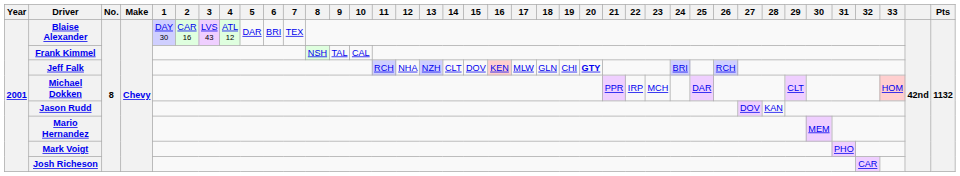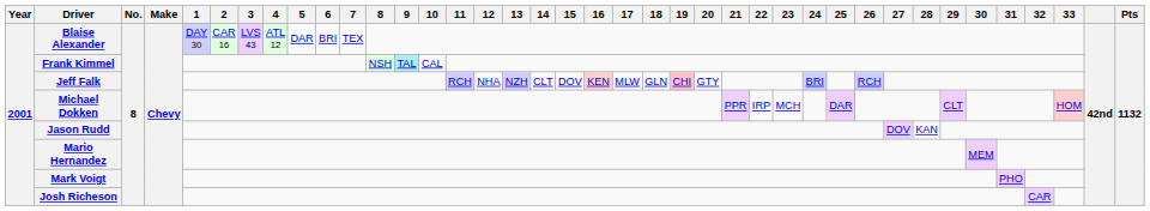 <table class="wikitable" style="text-align:center; font-size:75%">
 <tr>
 <th>Year</th>
 <th>Driver</th>
 <th>No.</th>
 <th>Make</th>
 <th>1</th>
 <th>2</th>
 <th>3</th>
 <th>4</th>
 <th>5</th>
 <th>6</th>
 <th>7</th>
 <th>8</th>
 <th>9</th>
 <th>10</th>
 <th>11</th>
 <th>12</th>
 <th>13</th>
 <th>14</th>
 <th>15</th>
 <th>16</th>
 <th>17</th>
 <th>18</th>
 <th>19</th>
 <th>20</th>
 <th>21</th>
 <th>22</th>
 <th>23</th>
 <th>24</th>
 <th>25</th>
 <th>26</th>
 <th>27</th>
 <th>28</th>
 <th>29</th>
 <th>30</th>
 <th>31</th>
 <th>32</th>
 <th>33</th>
 <th></th>
 <th>Pts</th>
 </tr>
 <tr>
 <th rowspan=8><a href='#'>2001</a></th>
 <th><a href='#'>Blaise Alexander</a></th>
 <th rowspan=8>8</th>
 <th rowspan=8><a href='#'>Chevy</a></th>
 <td style="background:#CFCFFF;"><a href='#'>DAY</a><br><small>30</small></td>
 <td style="background:#DFFFDF;"><a href='#'>CAR</a><br><small>16</small></td>
 <td style="background:#EFCFFF;"><a href='#'>LVS</a><br><small>43</small></td>
 <td style="background:#DFFFDF;"><a href='#'>ATL</a><br><small>12</small></td>
 <td><a href='#'>DAR</a></td>
 <td><a href='#'>BRI</a></td>
 <td><a href='#'>TEX</a></td>
 <td colspan=26></td>
 <th rowspan=8>42nd</th>
 <th rowspan=8>1132</th>
 </tr>
 <tr>
 <th><a href='#'>Frank Kimmel</a></th>
 <td colspan=7></td>
 <td style="background:#DFFFDF;"><a href='#'>NSH</a><br></td>
-<td><a href='#'>TAL</a></td>
+<td style="background: paleturquoise;"><a href='#'>TAL</a></td>
 <td><a href='#'>CAL</a></td>
 <td colspan=23></td>
 </tr>
 <tr>
 <th><a href='#'>Jeff Falk</a></th>
 <td colspan=10></td>
 <td style="background:#CFCFFF;"><a href='#'>RCH</a><br></td>
 <td><a href='#'>NHA</a></td>
 <td style="background:#CFCFFF;"><a href='#'>NZH</a><br></td>
 <td><a href='#'>CLT</a></td>
 <td><a href='#'>DOV</a></td>
 <td style="background:#FFCFCF;"><a href='#'>KEN</a><br></td>
 <td><a href='#'>MLW</a></td>
 <td><a href='#'>GLN</a></td>
-<td><a href='#'>CHI</a></td>
-<td><strong><a href='#'>GTY</a></strong></td>
+<td style="background: pink;"><a href='#'>CHI</a></td>
+<td><a href='#'>GTY</a></td>
 <td colspan=3></td>
 <td style="background:#CFCFFF;"><a href='#'>BRI</a><br></td>
 <td></td>
 <td style="background:#CFCFFF;"><a href='#'>RCH</a><br></td>
 <td colspan=7></td>
 </tr>
 <tr>
 <th><a href='#'>Michael Dokken</a></th>
 <td colspan=20></td>
 <td style="background:#EFCFFF;"><a href='#'>PPR</a><br></td>
 <td><a href='#'>IRP</a></td>
 <td><a href='#'>MCH</a></td>
 <td></td>
 <td style="background:#EFCFFF;"><a href='#'>DAR</a><br></td>
 <td colspan=3></td>
 <td style="background:#EFCFFF;"><a href='#'>CLT</a><br></td>
 <td colspan=3></td>
 <td style="background:#FFCFCF;"><a href='#'>HOM</a><br></td>
 </tr>
 <tr>
 <th><a href='#'>Jason Rudd</a></th>
 <td colspan=26></td>
 <td style="background:#EFCFFF;"><a href='#'>DOV</a><br></td>
 <td><a href='#'>KAN</a></td>
 <td colspan=5></td>
 </tr>
 <tr>
 <th><a href='#'>Mario Hernandez</a></th>
 <td colspan=29></td>
 <td style="background:#EFCFFF;"><a href='#'>MEM</a><br></td>
 <td colspan=3></td>
 </tr>
 <tr>
 <th><a href='#'>Mark Voigt</a></th>
 <td colspan=30></td>
 <td style="background:#EFCFFF;"><a href='#'>PHO</a><br></td>
 <td colspan=2></td>
 </tr>
 <tr>
 <th><a href='#'>Josh Richeson</a></th>
 <td colspan=31></td>
 <td style="background:#EFCFFF;"><a href='#'>CAR</a><br></td>
 <td></td>
 </tr>
 </table>
